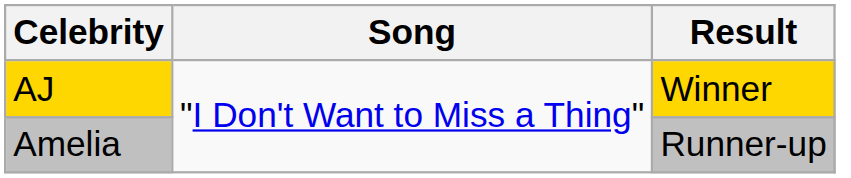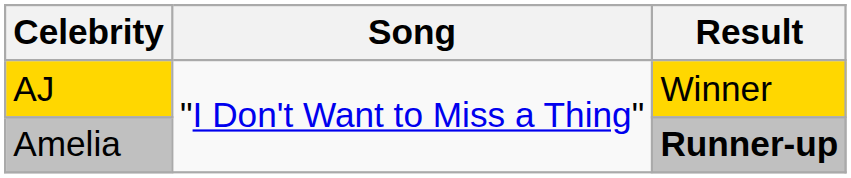 <table class="wikitable sortable collapsed">
 <tr>
 <th>Celebrity</th>
 <th>Song</th>
 <th>Result</th>
 </tr>
 <tr>
 <td style="background:gold;">AJ</td>
 <td rowspan=2>"<a href='#'>I Don't Want to Miss a Thing</a>"</td>
 <td style="background:gold;">Winner</td>
 </tr>
 <tr>
 <td style="background:silver;">Amelia</td>
-<td style="background:silver;">Runner-up</td>
+<td style="background:silver;"><strong>Runner-up</strong></td>
 </tr>
 </table>
